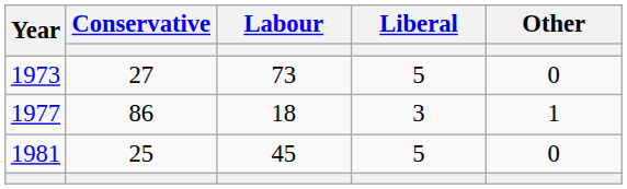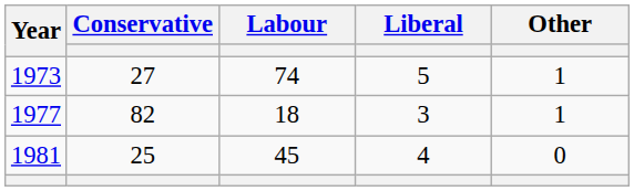 <table class="wikitable">
 <tr>
 <th rowspan=2>Year</th>
 <th style="width:80px;"><a href='#'><strong>Conservative</strong></a></th>
 <th style="width:80px;"><a href='#'><strong>Labour</strong></a></th>
 <th style="width:80px;"><a href='#'><strong>Liberal</strong></a></th>
 <th style="width:80px;"><strong>Other</strong></th>
 </tr>
 <tr>
 <th style="background:"></th>
 <th style="background:"></th>
 <th style="background:"></th>
 <th style="background:"></th>
 </tr>
 <tr>
 <td><a href='#'>1973</a></td>
 <td align=center>27</td>
-<td align=center>73</td>
+<td align=center>74</td>
 <td align=center>5</td>
-<td align=center>0</td>
+<td align=center>1</td>
 </tr>
 <tr>
 <td><a href='#'>1977</a></td>
-<td align=center>86</td>
+<td align=center>82</td>
 <td align=center>18</td>
 <td align=center>3</td>
 <td align=center>1</td>
 </tr>
 <tr>
 <td><a href='#'>1981</a></td>
 <td align=center>25</td>
 <td align=center>45</td>
-<td align=center>5</td>
+<td align=center>4</td>
 <td align=center>0</td>
 </tr>
 <tr>
 <th></th>
 <th style="background:"></th>
 <th style="background:"></th>
 <th style="background:"></th>
 <th style="background:"></th>
 </tr>
 </table>
